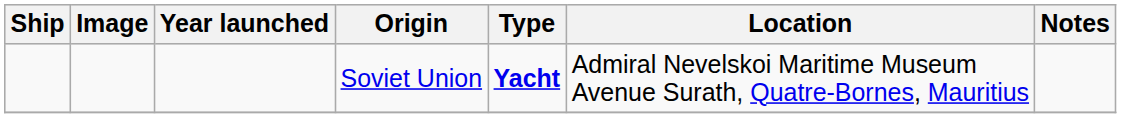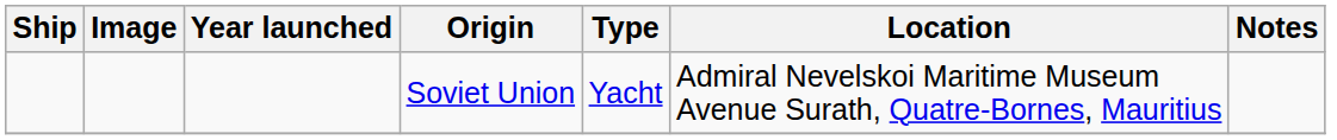 <table class="wikitable sortable">
 <tr>
 <th>Ship</th>
 <th>Image</th>
 <th>Year launched</th>
 <th>Origin</th>
 <th>Type</th>
 <th>Location</th>
 <th>Notes</th>
 </tr>
 <tr>
 <td data-sort-value=Admiral Nevelskoi></td>
 <td></td>
 <td></td>
 <td> <a href='#'>Soviet Union</a></td>
-<td><strong><a href='#'>Yacht</a></strong></td>
+<td><a href='#'>Yacht</a></td>
 <td>Admiral Nevelskoi Maritime Museum<br>Avenue Surath, <a href='#'>Quatre-Bornes</a>, <a href='#'>Mauritius</a></td>
 <td></td>
 </tr>
 <tr>
 </tr>
 </table>
